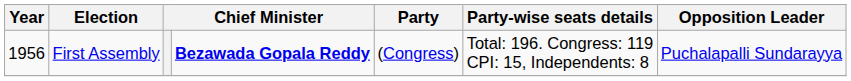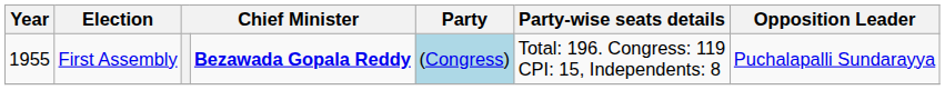 <table class="wikitable">
 <tr>
 <th>Year</th>
 <th>Election</th>
 <th Colspan=2>Chief Minister</th>
 <th>Party</th>
 <th>Party-wise seats details</th>
 <th>Opposition Leader</th>
 </tr>
 <tr>
-<td>1956</td>
+<td>1955</td>
 <td><a href='#'>First Assembly</a></td>
 <th style="background-color: "></th>
 <td><strong><a href='#'>Bezawada Gopala Reddy</a></strong></td>
-<td>(<a href='#'>Congress</a>)</td>
+<td style="background: lightblue;">(<a href='#'>Congress</a>)</td>
 <td>Total: 196. Congress: 119 <br>CPI: 15, Independents: 8</td>
 <td><a href='#'>Puchalapalli Sundarayya</a></td>
 </tr>
 <tr --->
 </tr>
 </table>
